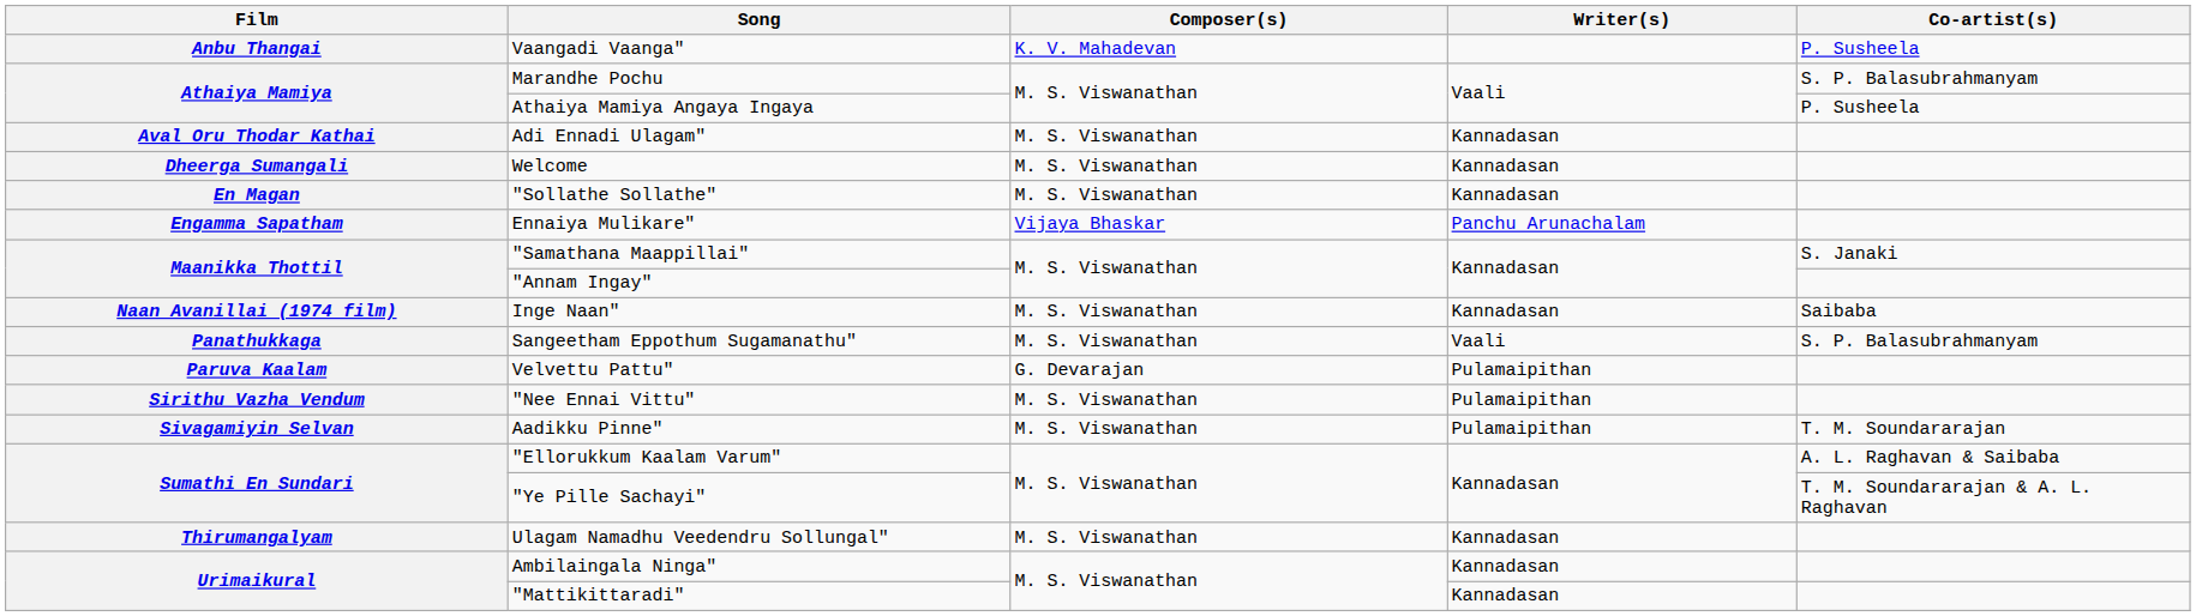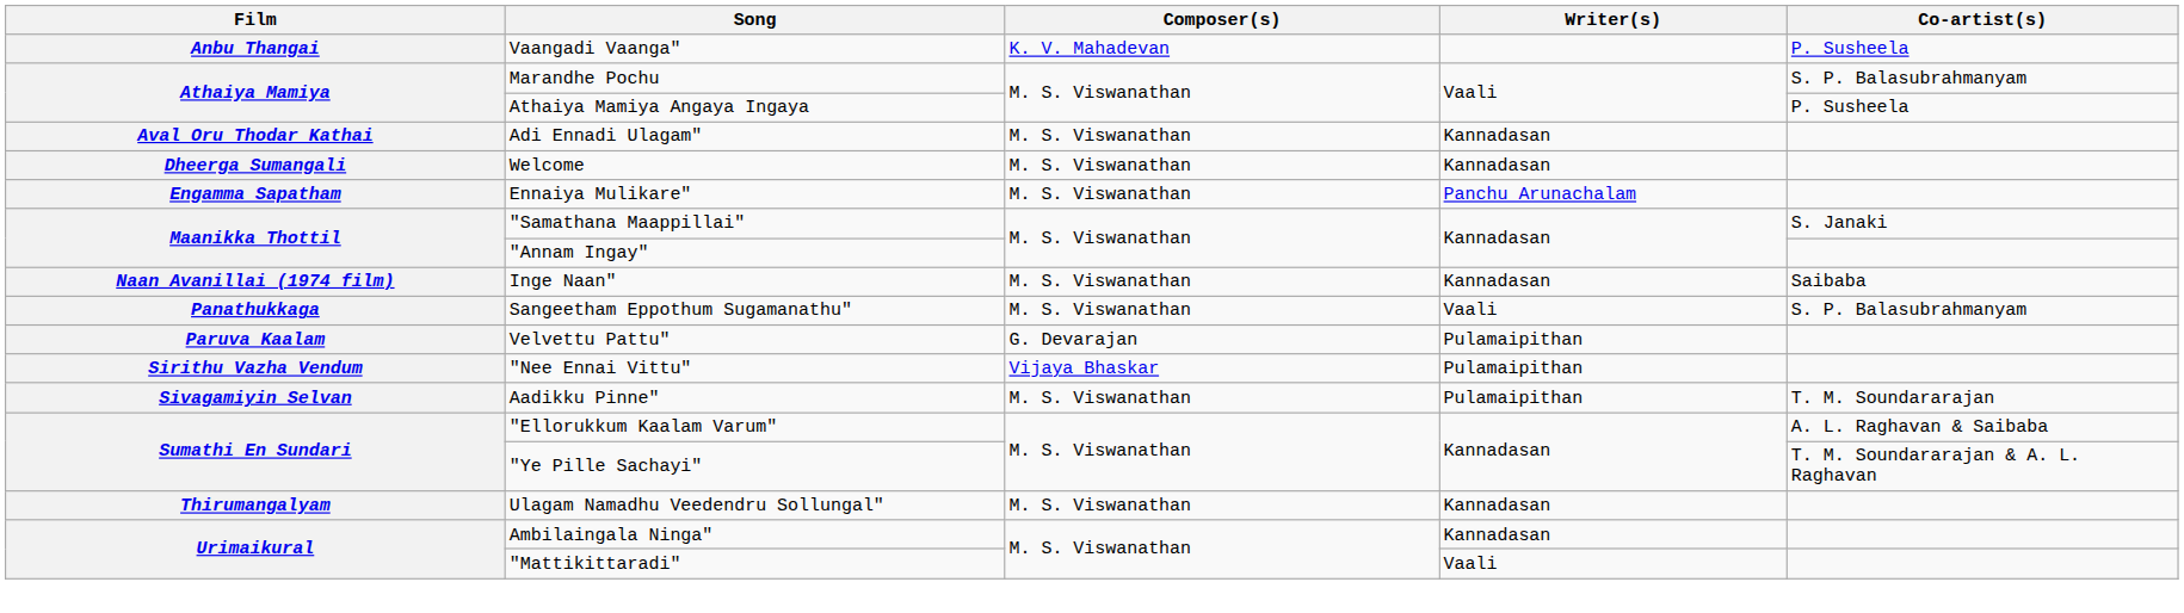 <table class="wikitable plainrowheaders" width="100%" textcolor:#000;">
 <tr style="background:#b0e0e66;">
 <th scope="col" width=23%><strong>Film</strong></th>
 <th scope="col" width=23%><strong>Song</strong></th>
 <th scope="col" width=20%><strong>Composer(s)</strong></th>
 <th scope="col" width=16%><strong>Writer(s)</strong></th>
 <th scope="col" width=18%><strong>Co-artist(s)</strong></th>
 </tr>
 <tr>
 <th><em><a href='#'>Anbu Thangai</a></em></th>
 <td>Vaangadi Vaanga"</td>
 <td><a href='#'>K. V. Mahadevan</a></td>
 <td></td>
 <td><a href='#'>P. Susheela</a></td>
 </tr>
 <tr>
 <th rowspan="2"><em><a href='#'>Athaiya Mamiya</a></em></th>
 <td>Marandhe Pochu</td>
 <td rowspan="2">M. S. Viswanathan</td>
 <td rowspan="2">Vaali</td>
 <td>S. P. Balasubrahmanyam</td>
 </tr>
 <tr>
 <td>Athaiya Mamiya Angaya Ingaya</td>
 <td>P. Susheela</td>
 </tr>
 <tr>
 <th><em><a href='#'>Aval Oru Thodar Kathai</a></em></th>
 <td>Adi Ennadi Ulagam"</td>
 <td>M. S. Viswanathan</td>
 <td>Kannadasan</td>
 <td></td>
 </tr>
 <tr>
 <th><em><a href='#'>Dheerga Sumangali</a></em></th>
 <td>Welcome</td>
 <td>M. S. Viswanathan</td>
 <td>Kannadasan</td>
 <td></td>
 </tr>
 <tr>
-<th><em><a href='#'>En Magan</a></em></th>
-<td>"Sollathe Sollathe"</td>
-<td>M. S. Viswanathan</td>
-<td>Kannadasan</td>
-<td></td>
-</tr>
-<tr>
 <th><em><a href='#'>Engamma Sapatham</a></em></th>
 <td>Ennaiya Mulikare"</td>
-<td><a href='#'>Vijaya Bhaskar</a></td>
+<td>M. S. Viswanathan</td>
 <td><a href='#'>Panchu Arunachalam</a></td>
 <td></td>
 </tr>
 <tr>
 <th rowspan="2"><em><a href='#'>Maanikka Thottil</a></em></th>
 <td>"Samathana Maappillai"</td>
 <td rowspan="2">M. S. Viswanathan</td>
 <td rowspan="2">Kannadasan</td>
 <td>S. Janaki</td>
 </tr>
 <tr>
 <td>"Annam Ingay"</td>
 <td></td>
 </tr>
 <tr>
 <th><em><a href='#'>Naan Avanillai (1974 film)</a></em></th>
 <td>Inge Naan"</td>
 <td>M. S. Viswanathan</td>
 <td>Kannadasan</td>
 <td>Saibaba</td>
 </tr>
 <tr>
 <th><em><a href='#'>Panathukkaga</a></em></th>
 <td>Sangeetham Eppothum Sugamanathu"</td>
 <td>M. S. Viswanathan</td>
 <td>Vaali</td>
 <td>S. P. Balasubrahmanyam</td>
 </tr>
 <tr>
 <th><em><a href='#'>Paruva Kaalam</a></em></th>
 <td>Velvettu Pattu"</td>
 <td>G. Devarajan</td>
 <td>Pulamaipithan</td>
 <td></td>
 </tr>
 <tr>
 <th><em><a href='#'>Sirithu Vazha Vendum</a></em></th>
 <td>"Nee Ennai Vittu"</td>
-<td>M. S. Viswanathan</td>
+<td><a href='#'>Vijaya Bhaskar</a></td>
 <td>Pulamaipithan</td>
 <td></td>
 </tr>
 <tr>
 <th><em><a href='#'>Sivagamiyin Selvan</a></em></th>
 <td>Aadikku Pinne"</td>
 <td>M. S. Viswanathan</td>
 <td>Pulamaipithan</td>
 <td>T. M. Soundararajan</td>
 </tr>
 <tr>
 <th rowspan="2"><em><a href='#'>Sumathi En Sundari</a></em></th>
 <td>"Ellorukkum Kaalam Varum"</td>
 <td rowspan="2">M. S. Viswanathan</td>
 <td rowspan="2">Kannadasan</td>
 <td>A. L. Raghavan & Saibaba</td>
 </tr>
 <tr>
 <td>"Ye Pille Sachayi"</td>
 <td>T. M. Soundararajan & A. L. Raghavan</td>
 </tr>
 <tr>
 <th><em><a href='#'>Thirumangalyam</a></em></th>
 <td>Ulagam Namadhu Veedendru Sollungal"</td>
 <td>M. S. Viswanathan</td>
 <td>Kannadasan</td>
 <td></td>
 </tr>
 <tr>
 <th rowspan="2"><em><a href='#'>Urimaikural</a></em></th>
 <td>Ambilaingala Ninga"</td>
 <td rowspan="2">M. S. Viswanathan</td>
 <td>Kannadasan</td>
 <td></td>
 </tr>
 <tr>
 <td>"Mattikittaradi"</td>
-<td>Kannadasan</td>
+<td>Vaali</td>
 <td></td>
 </tr>
 </table>
